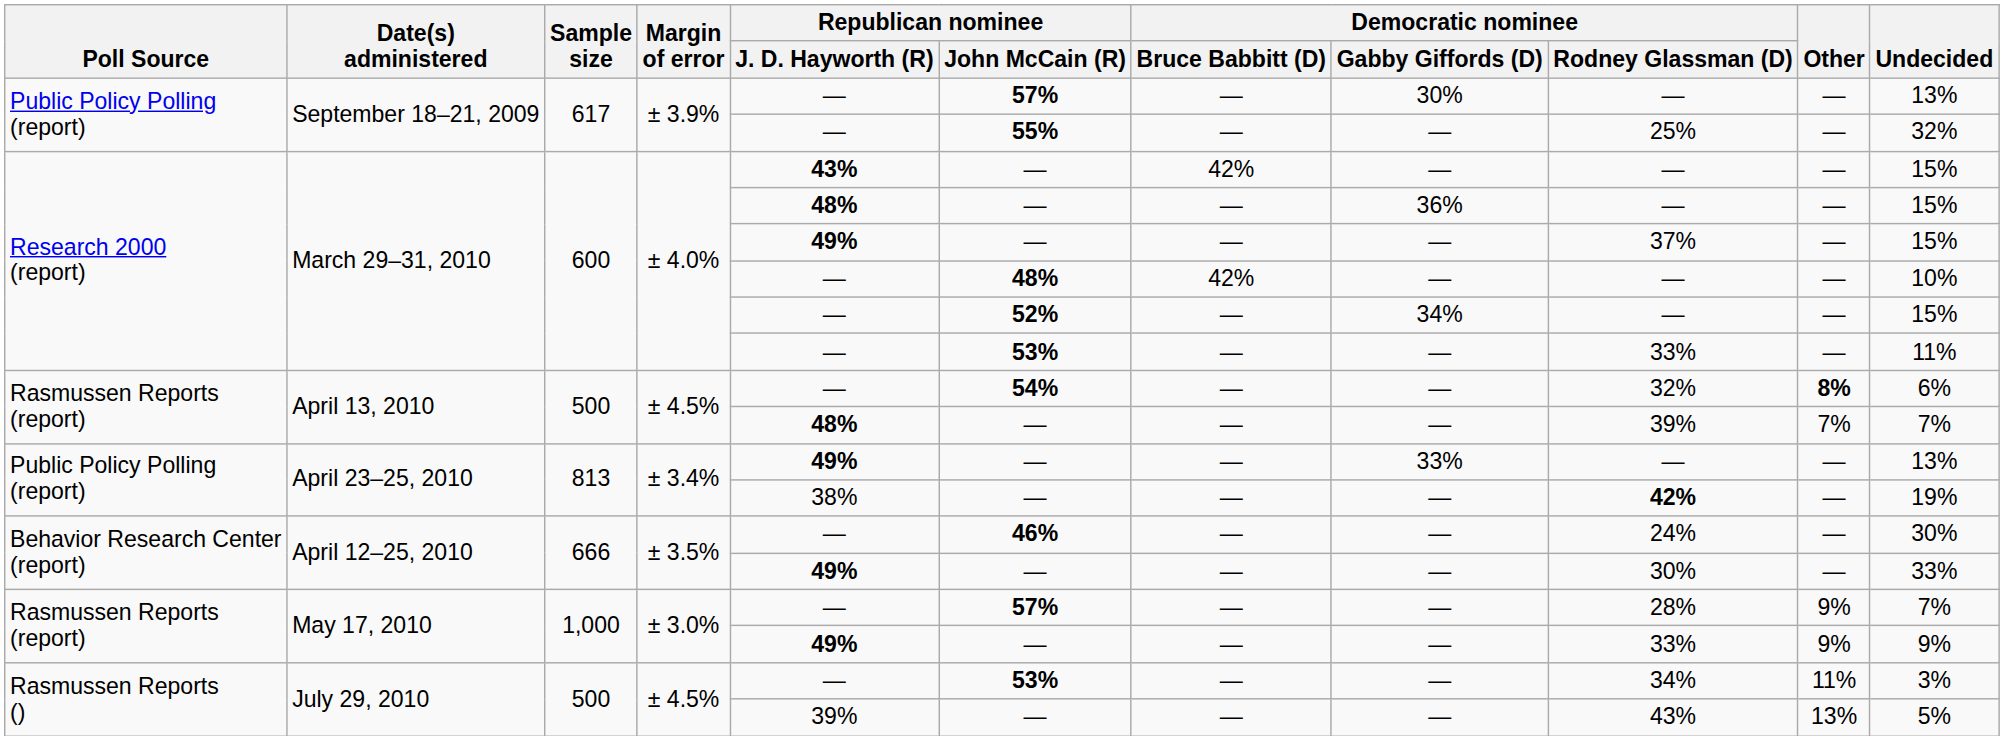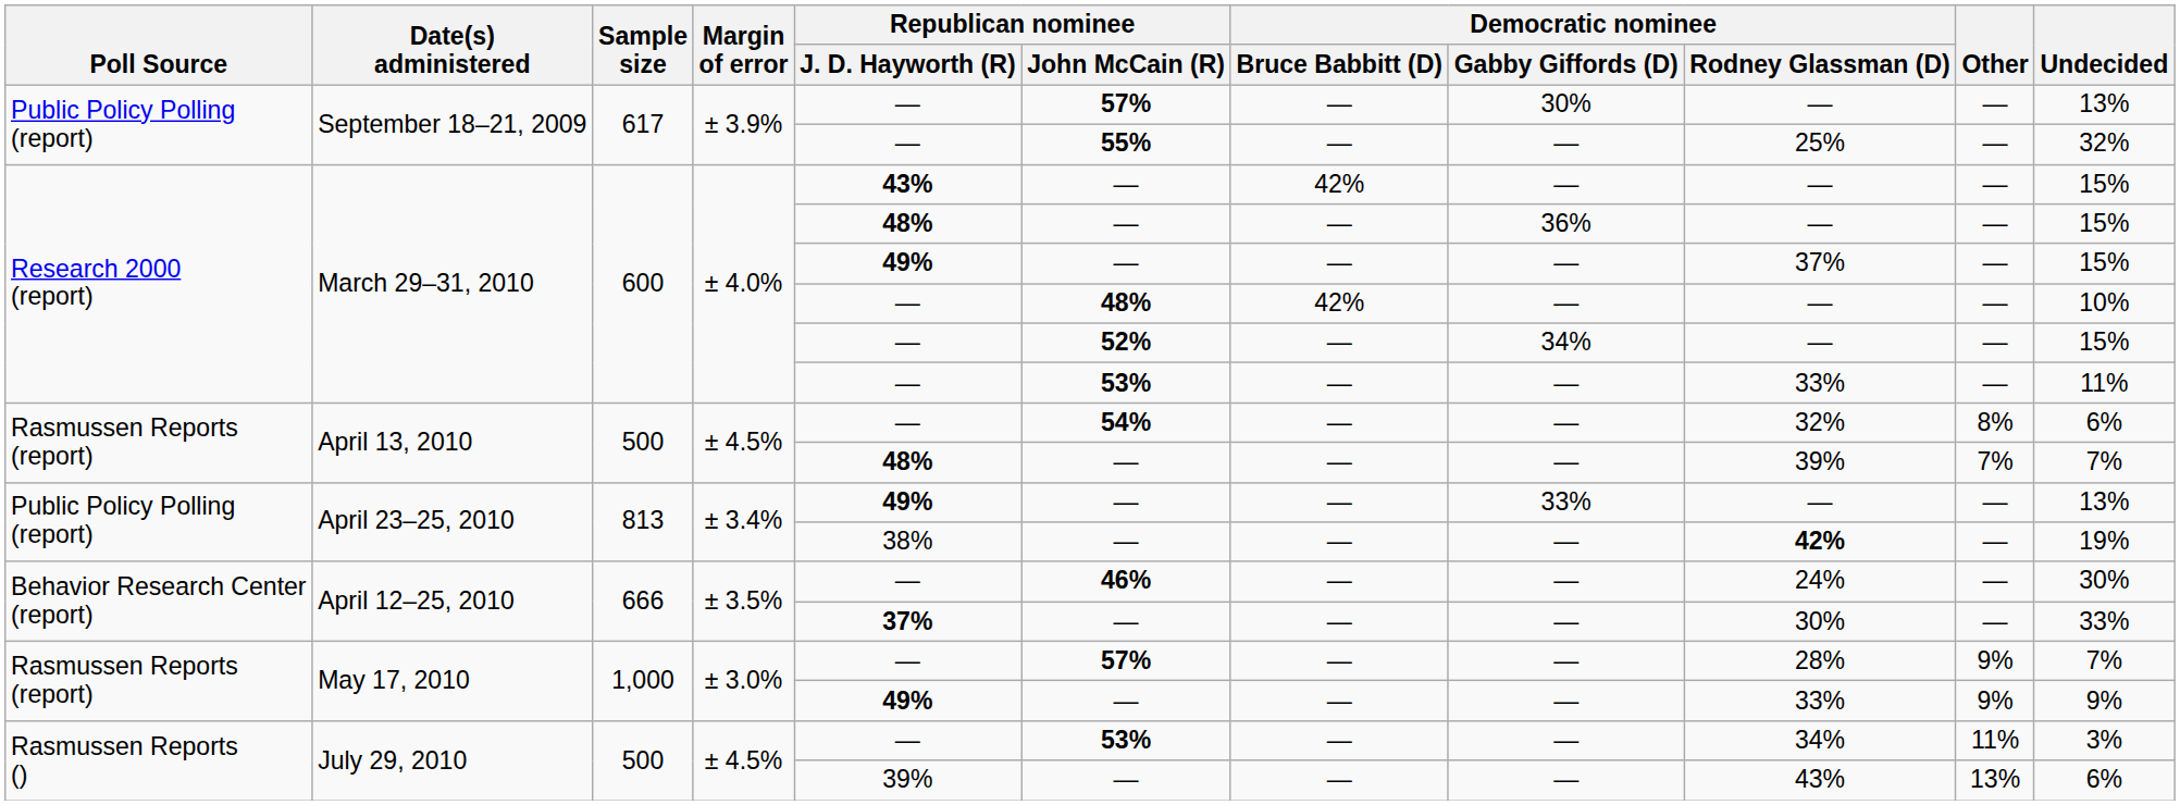 <table class="wikitable" style="text-align:center">
 <tr valign=bottom>
 <th rowspan=2>Poll Source</th>
 <th rowspan=2>Date(s)<br>administered</th>
 <th rowspan=2>Sample<br>size</th>
 <th rowspan=2>Margin<br>of error</th>
 <th colspan=2 >Republican nominee</th>
 <th colspan=3 >Democratic nominee</th>
 <th rowspan=2>Other</th>
 <th rowspan=2>Undecided</th>
 </tr>
 <tr>
 <th>J. D. Hayworth (R)</th>
 <th>John McCain (R)</th>
 <th>Bruce Babbitt (D)</th>
 <th>Gabby Giffords (D)</th>
 <th>Rodney Glassman (D)</th>
 </tr>
 <tr>
 <td rowspan=2 style="text-align:left"><a href='#'>Public Policy Polling</a><br>(report)</td>
 <td rowspan=2 style="text-align:left">September 18–21, 2009</td>
 <td rowspan=2>617</td>
 <td rowspan=2>± 3.9%</td>
 <td>—</td>
 <td><strong>57%</strong></td>
 <td>—</td>
 <td>30%</td>
 <td>—</td>
 <td>—</td>
 <td>13%</td>
 </tr>
 <tr>
 <td>—</td>
 <td><strong>55%</strong></td>
 <td>—</td>
 <td>—</td>
 <td>25%</td>
 <td>—</td>
 <td>32%</td>
 </tr>
 <tr>
 <td rowspan=6 style="text-align:left"><a href='#'>Research 2000</a><br>(report)</td>
 <td rowspan=6 style="text-align:left">March 29–31, 2010</td>
 <td rowspan=6>600</td>
 <td rowspan=6>± 4.0%</td>
 <td><strong>43%</strong></td>
 <td>—</td>
 <td>42%</td>
 <td>—</td>
 <td>—</td>
 <td>—</td>
 <td>15%</td>
 </tr>
 <tr>
 <td><strong>48%</strong></td>
 <td>—</td>
 <td>—</td>
 <td>36%</td>
 <td>—</td>
 <td>—</td>
 <td>15%</td>
 </tr>
 <tr>
 <td><strong>49%</strong></td>
 <td>—</td>
 <td>—</td>
 <td>—</td>
 <td>37%</td>
 <td>—</td>
 <td>15%</td>
 </tr>
 <tr>
 <td>—</td>
 <td><strong>48%</strong></td>
 <td>42%</td>
 <td>—</td>
 <td>—</td>
 <td>—</td>
 <td>10%</td>
 </tr>
 <tr>
 <td>—</td>
 <td><strong>52%</strong></td>
 <td>—</td>
 <td>34%</td>
 <td>—</td>
 <td>—</td>
 <td>15%</td>
 </tr>
 <tr>
 <td>—</td>
 <td><strong>53%</strong></td>
 <td>—</td>
 <td>—</td>
 <td>33%</td>
 <td>—</td>
 <td>11%</td>
 </tr>
 <tr>
 <td rowspan=2 style="text-align:left">Rasmussen Reports<br>(report)</td>
 <td rowspan=2 style="text-align:left">April 13, 2010</td>
 <td rowspan=2>500</td>
 <td rowspan=2>± 4.5%</td>
 <td>—</td>
 <td><strong>54%</strong></td>
 <td>—</td>
 <td>—</td>
 <td>32%</td>
-<td><strong>8%</strong></td>
+<td>8%</td>
 <td>6%</td>
 </tr>
 <tr>
 <td><strong>48%</strong></td>
 <td>—</td>
 <td>—</td>
 <td>—</td>
 <td>39%</td>
 <td>7%</td>
 <td>7%</td>
 </tr>
 <tr>
 <td rowspan=2 style="text-align:left">Public Policy Polling<br>(report)</td>
 <td rowspan=2 style="text-align:left">April 23–25, 2010</td>
 <td rowspan=2>813</td>
 <td rowspan=2>± 3.4%</td>
 <td><strong>49%</strong></td>
 <td>—</td>
 <td>—</td>
 <td>33%</td>
 <td>—</td>
 <td>—</td>
 <td>13%</td>
 </tr>
 <tr>
 <td>38%</td>
 <td>—</td>
 <td>—</td>
 <td>—</td>
 <td><strong>42%</strong></td>
 <td>—</td>
 <td>19%</td>
 </tr>
 <tr>
 <td rowspan=2 style="text-align:left">Behavior Research Center <br>(report)</td>
 <td rowspan=2 style="text-align:left">April 12–25, 2010</td>
 <td rowspan=2>666</td>
 <td rowspan=2>± 3.5%</td>
 <td>—</td>
 <td><strong>46%</strong></td>
 <td>—</td>
 <td>—</td>
 <td>24%</td>
 <td>—</td>
 <td>30%</td>
 </tr>
 <tr>
-<td><strong>49%</strong></td>
+<td><strong>37%</strong></td>
 <td>—</td>
 <td>—</td>
 <td>—</td>
 <td>30%</td>
 <td>—</td>
 <td>33%</td>
 </tr>
 <tr>
 <td rowspan=2 style="text-align:left">Rasmussen Reports <br>(report)</td>
 <td rowspan=2 style="text-align:left">May 17, 2010</td>
 <td rowspan=2>1,000</td>
 <td rowspan=2>± 3.0%</td>
 <td>—</td>
 <td><strong>57%</strong></td>
 <td>—</td>
 <td>—</td>
 <td>28%</td>
 <td>9%</td>
 <td>7%</td>
 </tr>
 <tr>
 <td><strong>49%</strong></td>
 <td>—</td>
 <td>—</td>
 <td>—</td>
 <td>33%</td>
 <td>9%</td>
 <td>9%</td>
 </tr>
 <tr>
 <td rowspan=2 style="text-align:left">Rasmussen Reports <br>()</td>
 <td rowspan=2 style="text-align:left">July 29, 2010</td>
 <td rowspan=2>500</td>
 <td rowspan=2>± 4.5%</td>
 <td>—</td>
 <td><strong>53%</strong></td>
 <td>—</td>
 <td>—</td>
 <td>34%</td>
 <td>11%</td>
 <td>3%</td>
 </tr>
 <tr>
 <td>39%</td>
 <td>—</td>
 <td>—</td>
 <td>—</td>
 <td>43%</td>
 <td>13%</td>
-<td>5%</td>
+<td>6%</td>
 </tr>
 </table>
